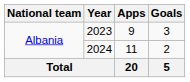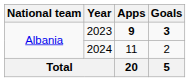 <table class="wikitable" style="text-align:center">
 <tr>
 <th>National team</th>
 <th>Year</th>
 <th>Apps</th>
 <th>Goals</th>
 </tr>
 <tr>
 <td rowspan="2"><a href='#'>Albania</a></td>
 <td>2023</td>
-<td>9</td>
-<td>3</td>
+<td><strong>9</strong></td>
+<td><strong>3</strong></td>
 </tr>
 <tr>
 <td>2024</td>
 <td>11</td>
 <td>2</td>
 </tr>
 <tr>
 <th colspan="2">Total</th>
 <th>20</th>
 <th>5</th>
 </tr>
 </table>
